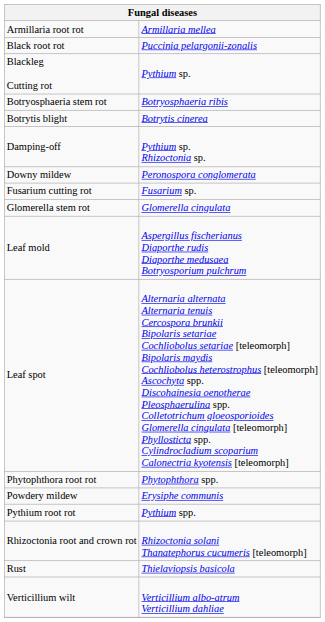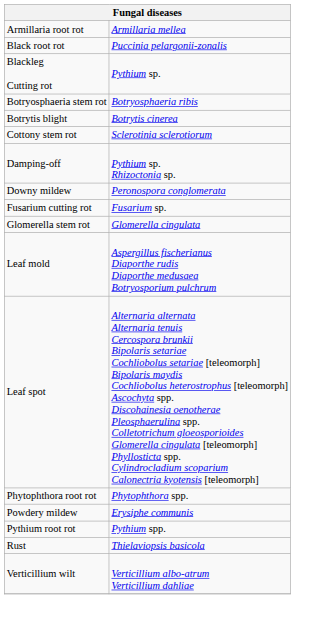 <table class="wikitable" style="clear">
 <tr>
 <th colspan=2><strong>Fungal diseases</strong><br></th>
 </tr>
 <tr>
 <td>Armillaria root rot</td>
 <td><em><a href='#'>Armillaria mellea</a></em></td>
 </tr>
 <tr>
 <td>Black root rot</td>
 <td><em><a href='#'>Puccinia pelargonii-zonalis</a></em></td>
 </tr>
 <tr>
 <td>Blackleg<br><br>Cutting rot</td>
 <td><em><a href='#'>Pythium</a></em> sp.</td>
 </tr>
 <tr>
 <td>Botryosphaeria stem rot</td>
 <td><em><a href='#'>Botryosphaeria ribis</a></em></td>
 </tr>
 <tr>
 <td>Botrytis blight</td>
 <td><em><a href='#'>Botrytis cinerea</a></em></td>
+</tr>
+<tr>
+<td>Cottony stem rot</td>
+<td><em><a href='#'>Sclerotinia sclerotiorum</a></em></td>
 </tr>
 <tr>
 <td>Damping-off</td>
 <td><br><em><a href='#'>Pythium</a></em> sp. <br> <em><a href='#'>Rhizoctonia</a></em> sp.</td>
 </tr>
 <tr>
 <td>Downy mildew</td>
 <td><em><a href='#'>Peronospora conglomerata</a></em></td>
 </tr>
 <tr>
 <td>Fusarium cutting rot</td>
 <td><em><a href='#'>Fusarium</a></em> sp.</td>
 </tr>
 <tr>
 <td>Glomerella stem rot</td>
 <td><em><a href='#'>Glomerella cingulata</a></em></td>
 </tr>
 <tr>
 <td>Leaf mold</td>
 <td><br><em><a href='#'>Aspergillus fischerianus</a></em> <br> <em><a href='#'>Diaporthe rudis</a></em> <br>  <em><a href='#'>Diaporthe medusaea</a></em><br> <em><a href='#'>Botryosporium pulchrum</a></em></td>
 </tr>
 <tr>
 <td>Leaf spot</td>
 <td><br><em><a href='#'>Alternaria alternata</a></em> <br>  <em><a href='#'>Alternaria tenuis</a></em><br> <em><a href='#'>Cercospora brunkii</a></em><br> <em><a href='#'>Bipolaris setariae</a></em><br> <em><a href='#'>Cochliobolus setariae</a></em> [teleomorph]<br> <em><a href='#'>Bipolaris maydis</a></em><br> <em><a href='#'>Cochliobolus heterostrophus</a></em> [teleomorph]<br> <em><a href='#'>Ascochyta</a></em> spp. <br> <em><a href='#'>Discohainesia oenotherae</a></em><br> <em><a href='#'>Pleosphaerulina</a></em> spp. <br> <em><a href='#'>Colletotrichum gloeosporioides</a></em><br> <em><a href='#'>Glomerella cingulata</a></em> [teleomorph]<br> <em><a href='#'>Phyllosticta</a></em> spp. <br> <em><a href='#'>Cylindrocladium scoparium</a></em><br> <em><a href='#'>Calonectria kyotensis</a></em> [teleomorph]</td>
 </tr>
 <tr>
 <td>Phytophthora root rot</td>
 <td><em><a href='#'>Phytophthora</a></em> spp.</td>
 </tr>
 <tr>
 <td>Powdery mildew</td>
 <td><em><a href='#'>Erysiphe communis</a></em></td>
 </tr>
 <tr>
 <td>Pythium root rot</td>
 <td><em><a href='#'>Pythium</a></em> spp.</td>
 </tr>
 <tr>
-<td>Rhizoctonia root and crown rot</td>
-<td><br><em><a href='#'>Rhizoctonia solani</a></em><br> <em><a href='#'>Thanatephorus cucumeris</a></em> [teleomorph]</td>
-</tr>
-<tr>
 <td>Rust</td>
 <td><em><a href='#'>Thielaviopsis basicola</a></em></td>
 </tr>
 <tr>
 <td>Verticillium wilt</td>
 <td><br><em><a href='#'>Verticillium albo-atrum</a></em><br> <em><a href='#'>Verticillium dahliae</a></em></td>
 </tr>
 <tr>
 </tr>
 </table>
